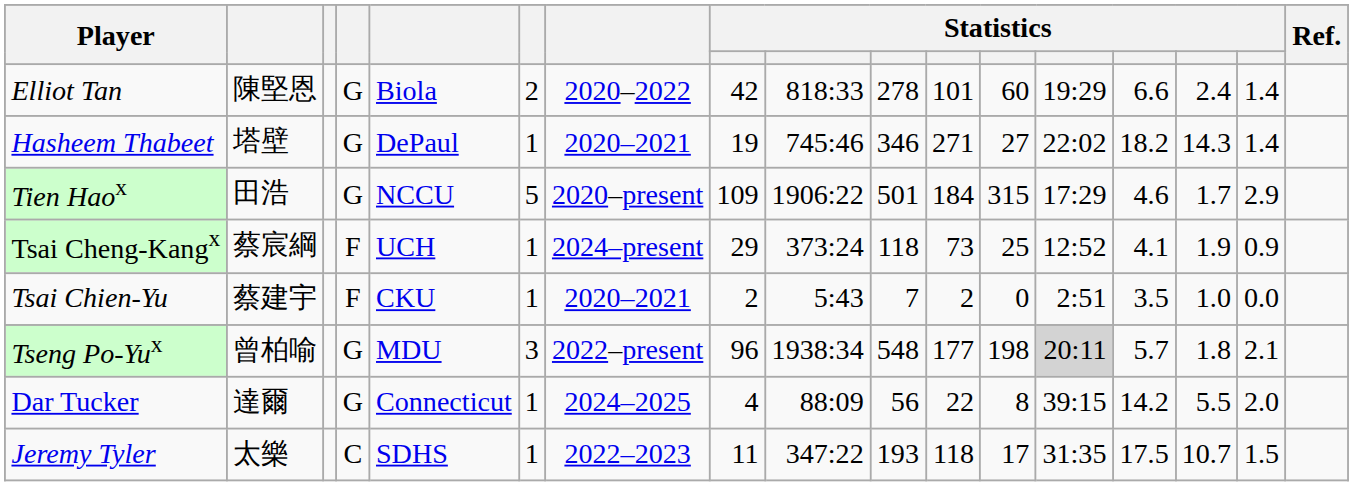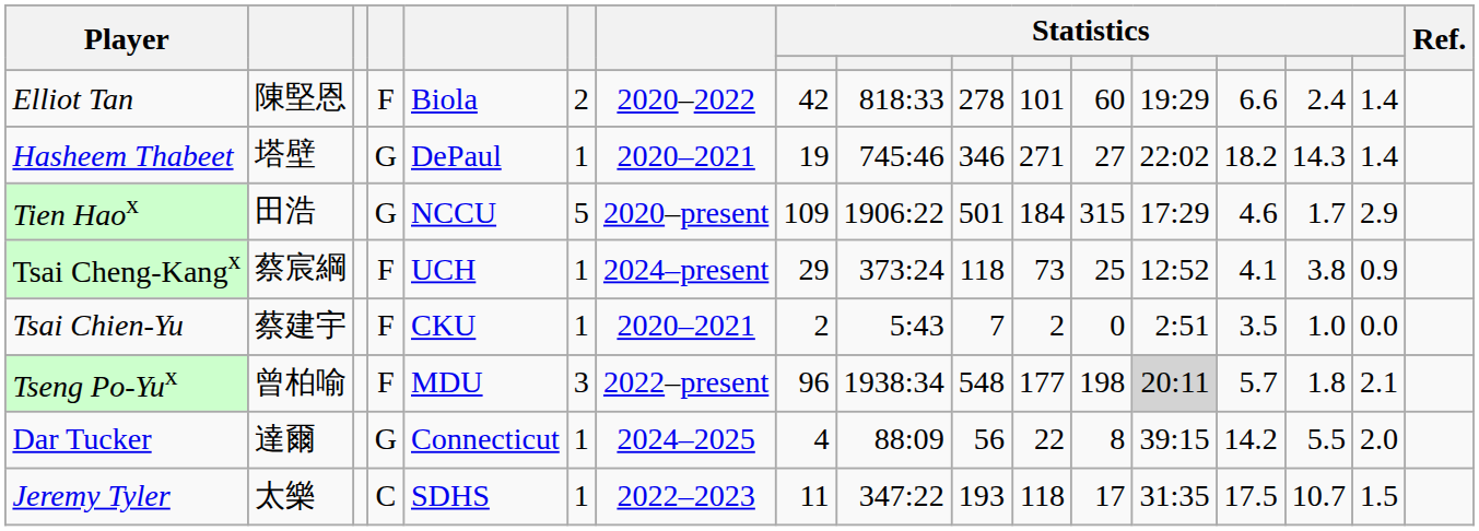 <table class="wikitable sortable" style="font-size:95%; text-align:right;">
 <tr>
 <th rowspan="2">Player</th>
 <th rowspan="2"></th>
 <th rowspan="2"></th>
 <th rowspan="2"></th>
 <th rowspan="2"></th>
 <th rowspan="2"></th>
 <th rowspan="2"></th>
 <th colspan="9">Statistics</th>
 <th rowspan="2">Ref.</th>
 </tr>
 <tr>
 <th></th>
 <th></th>
 <th></th>
 <th></th>
 <th></th>
 <th></th>
 <th></th>
 <th></th>
 <th></th>
 </tr>
 <tr>
 <td align="left"><em>Elliot Tan</em></td>
 <td align="left">陳堅恩</td>
 <td align="center"></td>
-<td align="center">G</td>
+<td align="center">F</td>
 <td align="left"><a href='#'>Biola</a></td>
 <td align="center">2</td>
 <td align="center"><a href='#'>2020</a>–<a href='#'>2022</a></td>
 <td>42</td>
 <td>818:33</td>
 <td>278</td>
 <td>101</td>
 <td>60</td>
 <td>19:29</td>
 <td>6.6</td>
 <td>2.4</td>
 <td>1.4</td>
 <td align="center"></td>
 </tr>
 <tr>
 <td align="left"><em><a href='#'>Hasheem Thabeet</a></em></td>
 <td align="left">塔壁</td>
 <td align="center"></td>
 <td align="center">G</td>
 <td align="left"><a href='#'>DePaul</a></td>
 <td align="center">1</td>
 <td align="center"><a href='#'>2020–2021</a></td>
 <td>19</td>
 <td>745:46</td>
 <td>346</td>
 <td>271</td>
 <td>27</td>
 <td>22:02</td>
 <td>18.2</td>
 <td>14.3</td>
 <td>1.4</td>
 <td align="center"></td>
 </tr>
 <tr>
 <td align="left" bgcolor="#CCFFCC"><em>Tien Hao</em><sup>x</sup></td>
 <td align="left">田浩</td>
 <td align="center"></td>
 <td align="center">G</td>
 <td align="left"><a href='#'>NCCU</a></td>
 <td align="center">5</td>
 <td align="center"><a href='#'>2020</a>–<a href='#'>present</a></td>
 <td>109</td>
 <td>1906:22</td>
 <td>501</td>
 <td>184</td>
 <td>315</td>
 <td>17:29</td>
 <td>4.6</td>
 <td>1.7</td>
 <td>2.9</td>
 <td align="center"></td>
 </tr>
 <tr>
 <td align="left" bgcolor="#CCFFCC">Tsai Cheng-Kang<sup>x</sup></td>
 <td align="left">蔡宸綱</td>
 <td align="center"></td>
 <td align="center">F</td>
 <td align="left"><a href='#'>UCH</a></td>
 <td align="center">1</td>
 <td align="center"><a href='#'>2024–present</a></td>
 <td>29</td>
 <td>373:24</td>
 <td>118</td>
 <td>73</td>
 <td>25</td>
 <td>12:52</td>
 <td>4.1</td>
-<td>1.9</td>
+<td>3.8</td>
 <td>0.9</td>
 <td align="center"></td>
 </tr>
 <tr>
 <td align="left"><em>Tsai Chien-Yu</em></td>
 <td align="left">蔡建宇</td>
 <td align="center"></td>
 <td align="center">F</td>
 <td align="left"><a href='#'>CKU</a></td>
 <td align="center">1</td>
 <td align="center"><a href='#'>2020–2021</a></td>
 <td>2</td>
 <td>5:43</td>
 <td>7</td>
 <td>2</td>
 <td>0</td>
 <td>2:51</td>
 <td>3.5</td>
 <td>1.0</td>
 <td>0.0</td>
 <td align="center"></td>
 </tr>
 <tr>
 <td align="left" bgcolor="#CCFFCC"><em>Tseng Po-Yu</em><sup>x</sup></td>
 <td align="left">曾柏喻</td>
 <td align="center"></td>
-<td align="center">G</td>
+<td align="center">F</td>
 <td align="left"><a href='#'>MDU</a></td>
 <td align="center">3</td>
 <td align="center"><a href='#'>2022</a>–<a href='#'>present</a></td>
 <td>96</td>
 <td>1938:34</td>
 <td>548</td>
 <td>177</td>
 <td>198</td>
 <td style="background: lightgrey;">20:11</td>
 <td>5.7</td>
 <td>1.8</td>
 <td>2.1</td>
 <td align="center"></td>
 </tr>
 <tr>
 <td align="left"><a href='#'>Dar Tucker</a></td>
 <td align="left">達爾</td>
 <td align="center"></td>
 <td align="center">G</td>
 <td align="left"><a href='#'>Connecticut</a></td>
 <td align="center">1</td>
 <td align="center"><a href='#'>2024–2025</a></td>
 <td>4</td>
 <td>88:09</td>
 <td>56</td>
 <td>22</td>
 <td>8</td>
 <td>39:15</td>
 <td>14.2</td>
 <td>5.5</td>
 <td>2.0</td>
 <td align="center"></td>
 </tr>
 <tr>
 <td align="left"><em><a href='#'>Jeremy Tyler</a></em></td>
 <td align="left">太樂</td>
 <td align="center"></td>
 <td align="center">C</td>
 <td align="left"><a href='#'>SDHS</a></td>
 <td align="center">1</td>
 <td align="center"><a href='#'>2022–2023</a></td>
 <td>11</td>
 <td>347:22</td>
 <td>193</td>
 <td>118</td>
 <td>17</td>
 <td>31:35</td>
 <td>17.5</td>
 <td>10.7</td>
 <td>1.5</td>
 <td align="center"></td>
 </tr>
 </table>
